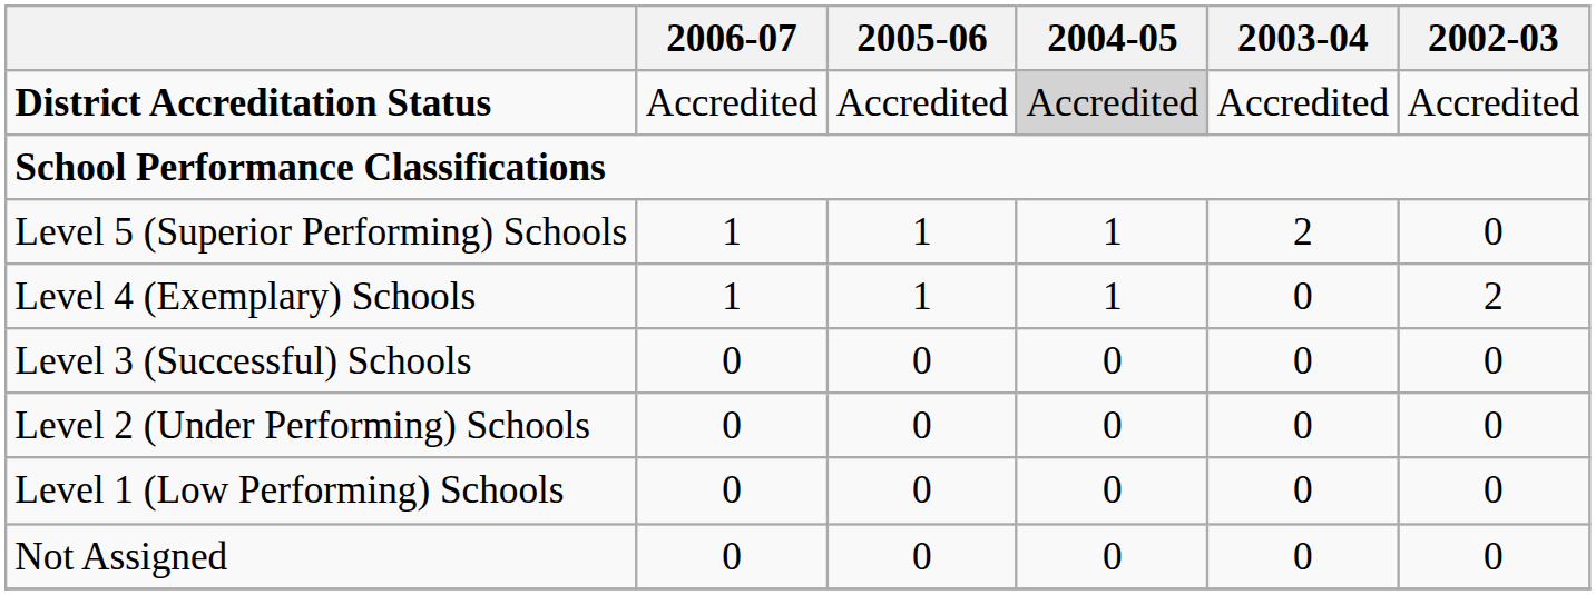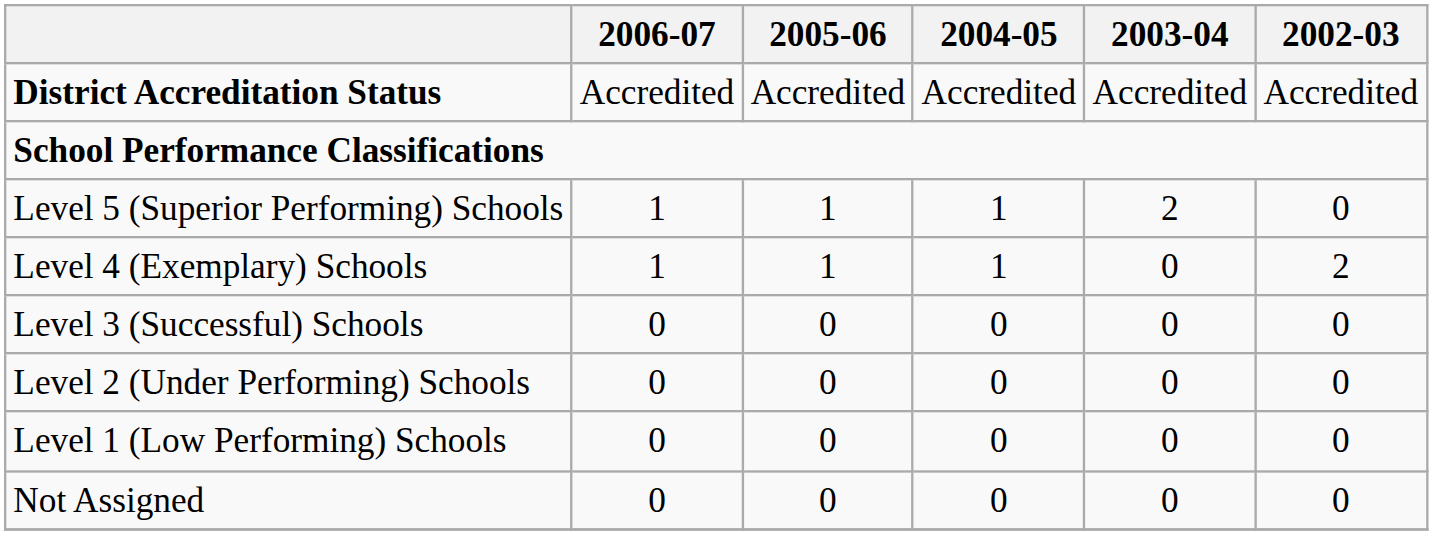 <table class="wikitable" style="font-size: 95%;">
 <tr>
 <th></th>
 <th>2006-07</th>
 <th>2005-06</th>
 <th>2004-05</th>
 <th>2003-04</th>
 <th>2002-03</th>
 </tr>
 <tr>
 <td align="left"><strong>District Accreditation Status</strong></td>
 <td align="center">Accredited</td>
 <td align="center">Accredited</td>
-<td align="center" style="background: lightgrey;">Accredited</td>
+<td align="center">Accredited</td>
 <td align="center">Accredited</td>
 <td align="center">Accredited</td>
 </tr>
 <tr>
 <td align="left" colspan="6"><strong>School Performance Classifications</strong></td>
 </tr>
 <tr>
 <td align="left">Level 5 (Superior Performing) Schools</td>
 <td align="center">1</td>
 <td align="center">1</td>
 <td align="center">1</td>
 <td align="center">2</td>
 <td align="center">0</td>
 </tr>
 <tr>
 <td align="left">Level 4 (Exemplary) Schools</td>
 <td align="center">1</td>
 <td align="center">1</td>
 <td align="center">1</td>
 <td align="center">0</td>
 <td align="center">2</td>
 </tr>
 <tr>
 <td align="left">Level 3 (Successful) Schools</td>
 <td align="center">0</td>
 <td align="center">0</td>
 <td align="center">0</td>
 <td align="center">0</td>
 <td align="center">0</td>
 </tr>
 <tr>
 <td align="left">Level 2 (Under Performing) Schools</td>
 <td align="center">0</td>
 <td align="center">0</td>
 <td align="center">0</td>
 <td align="center">0</td>
 <td align="center">0</td>
 </tr>
 <tr>
 <td align="left">Level 1 (Low Performing) Schools</td>
 <td align="center">0</td>
 <td align="center">0</td>
 <td align="center">0</td>
 <td align="center">0</td>
 <td align="center">0</td>
 </tr>
 <tr>
 <td align="left">Not Assigned</td>
 <td align="center">0</td>
 <td align="center">0</td>
 <td align="center">0</td>
 <td align="center">0</td>
 <td align="center">0</td>
 </tr>
 <tr>
 </tr>
 </table>
